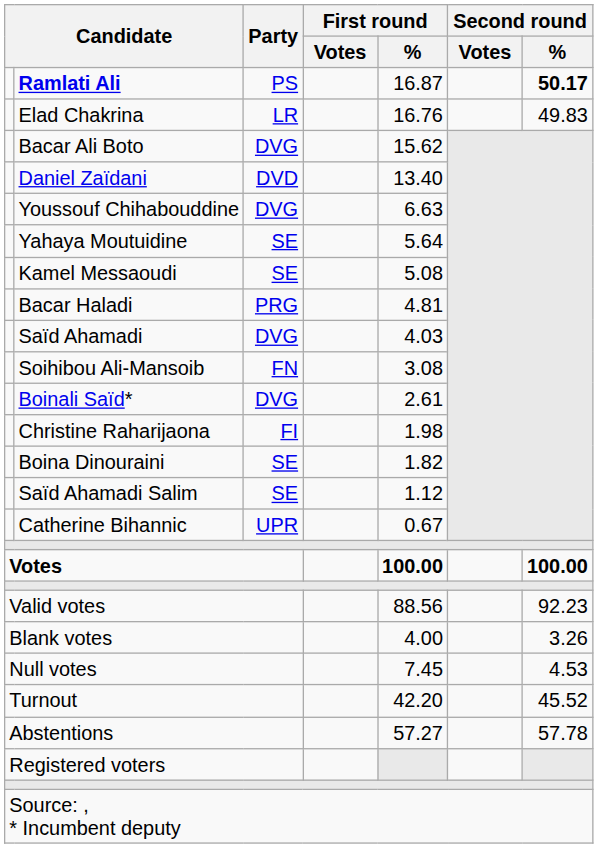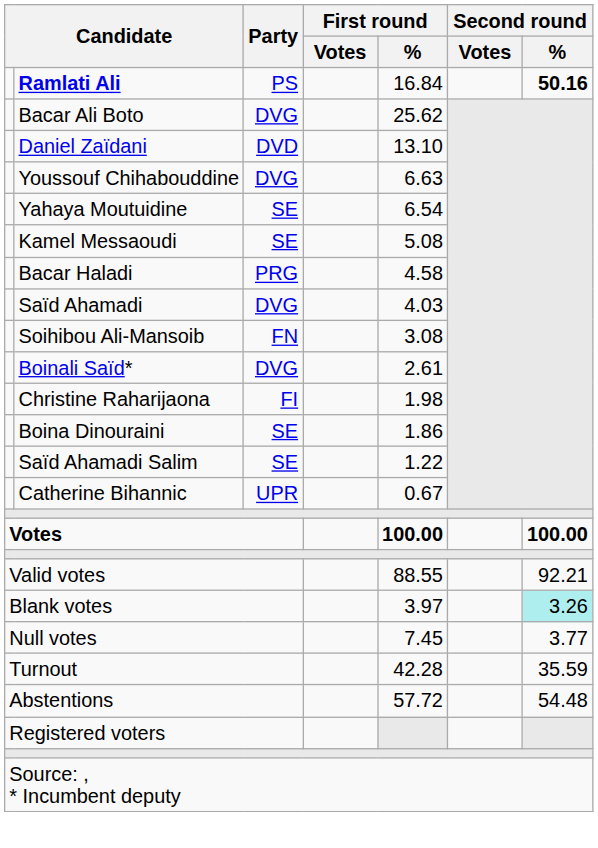 <table class="wikitable" style="text-align:right;font-size:95%;">
 <tr>
 <th rowspan="2" colspan="2">Candidate</th>
 <th rowspan="2">Party</th>
 <th colspan="2">First round</th>
 <th colspan="2">Second round</th>
 </tr>
 <tr>
 <th style="width:50px;">Votes</th>
 <th style="width:45px;">%</th>
 <th style="width:50px;">Votes</th>
 <th style="width:45px;">%</th>
 </tr>
 <tr>
 <td style="color:inherit;background:"></td>
 <td style="text-align:left;"><strong><a href='#'>Ramlati Ali</a></strong></td>
 <td><a href='#'>PS</a></td>
 <td></td>
-<td>16.87</td>
+<td>16.84</td>
 <td><strong></strong></td>
-<td><strong>50.17</strong></td>
-</tr>
-<tr>
-<td style="color:inherit;background:"></td>
-<td style="text-align:left;">Elad Chakrina</td>
-<td><a href='#'>LR</a></td>
-<td></td>
-<td>16.76</td>
-<td></td>
-<td>49.83</td>
+<td><strong>50.16</strong></td>
 </tr>
 <tr>
 <td style="color:inherit;background:"></td>
 <td style="text-align:left;">Bacar Ali Boto</td>
 <td><a href='#'>DVG</a></td>
 <td></td>
-<td>15.62</td>
+<td>25.62</td>
 <td colspan="2" rowspan="13" style="background:#E9E9E9;"></td>
 </tr>
 <tr>
 <td style="color:inherit;background:"></td>
 <td style="text-align:left;"><a href='#'>Daniel Zaïdani</a></td>
 <td><a href='#'>DVD</a></td>
 <td></td>
-<td>13.40</td>
+<td>13.10</td>
 </tr>
 <tr>
 <td style="color:inherit;background:"></td>
 <td style="text-align:left;">Youssouf Chihabouddine</td>
 <td><a href='#'>DVG</a></td>
 <td></td>
 <td>6.63</td>
 </tr>
 <tr>
 <td style="color:inherit;background:"></td>
 <td style="text-align:left;">Yahaya Moutuidine</td>
 <td><a href='#'>SE</a></td>
 <td></td>
-<td>5.64</td>
+<td>6.54</td>
 </tr>
 <tr>
 <td style="color:inherit;background:"></td>
 <td style="text-align:left;">Kamel Messaoudi</td>
 <td><a href='#'>SE</a></td>
 <td></td>
 <td>5.08</td>
 </tr>
 <tr>
 <td style="color:inherit;background:"></td>
 <td style="text-align:left;">Bacar Haladi</td>
 <td><a href='#'>PRG</a></td>
 <td></td>
-<td>4.81</td>
+<td>4.58</td>
 </tr>
 <tr>
 <td style="color:inherit;background:"></td>
 <td style="text-align:left;">Saïd Ahamadi</td>
 <td><a href='#'>DVG</a></td>
 <td></td>
 <td>4.03</td>
 </tr>
 <tr>
 <td style="color:inherit;background:"></td>
 <td style="text-align:left;">Soihibou Ali-Mansoib</td>
 <td><a href='#'>FN</a></td>
 <td></td>
 <td>3.08</td>
 </tr>
 <tr>
 <td style="color:inherit;background:"></td>
 <td style="text-align:left;"><a href='#'>Boinali Saïd</a>*</td>
 <td><a href='#'>DVG</a></td>
 <td></td>
 <td>2.61</td>
 </tr>
 <tr>
 <td style="color:inherit;background:"></td>
 <td style="text-align:left;">Christine Raharijaona</td>
 <td><a href='#'>FI</a></td>
 <td></td>
 <td>1.98</td>
 </tr>
 <tr>
 <td style="color:inherit;background:"></td>
 <td style="text-align:left;">Boina Dinouraini</td>
 <td><a href='#'>SE</a></td>
 <td></td>
-<td>1.82</td>
+<td>1.86</td>
 </tr>
 <tr>
 <td style="color:inherit;background:"></td>
 <td style="text-align:left;">Saïd Ahamadi Salim</td>
 <td><a href='#'>SE</a></td>
 <td></td>
-<td>1.12</td>
+<td>1.22</td>
 </tr>
 <tr>
 <td style="color:inherit;background:"></td>
 <td style="text-align:left;">Catherine Bihannic</td>
 <td><a href='#'>UPR</a></td>
 <td></td>
 <td>0.67</td>
 </tr>
 <tr>
 <td colspan="7" style="background:#E9E9E9;"></td>
 </tr>
 <tr style="font-weight:bold;">
 <td colspan="3" style="text-align:left;">Votes</td>
 <td></td>
 <td>100.00</td>
 <td></td>
 <td>100.00</td>
 </tr>
 <tr>
 <td colspan="7" style="background:#E9E9E9;"></td>
 </tr>
 <tr>
 <td colspan="3" style="text-align:left;">Valid votes</td>
 <td></td>
-<td>88.56</td>
+<td>88.55</td>
 <td></td>
-<td>92.23</td>
+<td>92.21</td>
 </tr>
 <tr>
 <td colspan="3" style="text-align:left;">Blank votes</td>
 <td></td>
-<td>4.00</td>
+<td>3.97</td>
 <td></td>
-<td>3.26</td>
+<td style="background: paleturquoise;">3.26</td>
 </tr>
 <tr>
 <td colspan="3" style="text-align:left;">Null votes</td>
 <td></td>
 <td>7.45</td>
 <td></td>
-<td>4.53</td>
+<td>3.77</td>
 </tr>
 <tr>
 <td colspan="3" style="text-align:left;">Turnout</td>
 <td></td>
-<td>42.20</td>
+<td>42.28</td>
 <td></td>
-<td>45.52</td>
+<td>35.59</td>
 </tr>
 <tr>
 <td colspan="3" style="text-align:left;">Abstentions</td>
 <td></td>
-<td>57.27</td>
+<td>57.72</td>
 <td></td>
-<td>57.78</td>
+<td>54.48</td>
 </tr>
 <tr>
 <td colspan="3" style="text-align:left;">Registered voters</td>
 <td></td>
 <td style="background:#E9E9E9;"></td>
 <td></td>
 <td style="background:#E9E9E9;"></td>
 </tr>
 <tr>
 <td colspan="7" style="background:#E9E9E9;"></td>
 </tr>
 <tr>
 <td colspan="7" style="text-align:left;">Source: , <br>* Incumbent deputy</td>
 </tr>
 </table>
